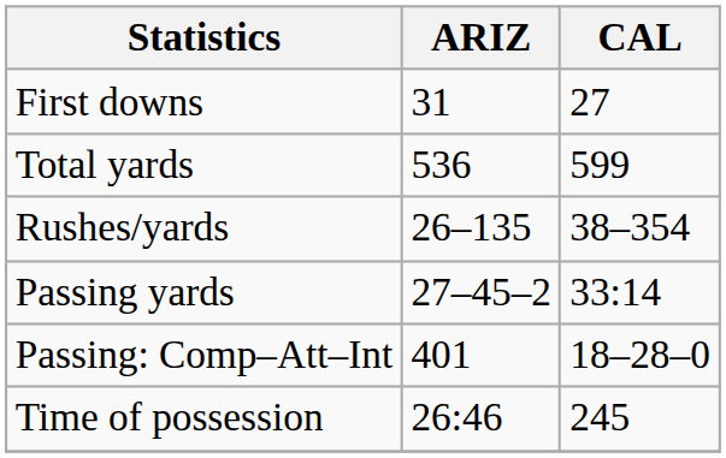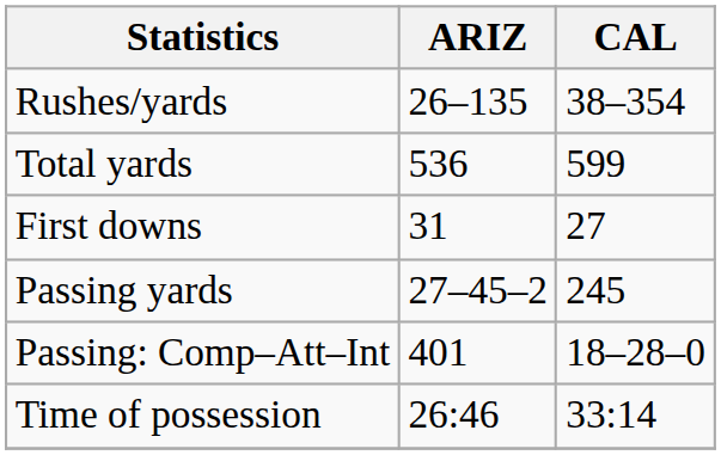 <table class="wikitable" style="float: left;">
 <tr>
 <th>Statistics</th>
 <th>ARIZ</th>
 <th>CAL</th>
 </tr>
 <tr>
-<td>First downs</td>
-<td>31</td>
-<td>27</td>
+<td>Rushes/yards</td>
+<td>26–135</td>
+<td>38–354</td>
 </tr>
 <tr>
 <td>Total yards</td>
 <td>536</td>
 <td>599</td>
 </tr>
 <tr>
-<td>Rushes/yards</td>
-<td>26–135</td>
-<td>38–354</td>
+<td>First downs</td>
+<td>31</td>
+<td>27</td>
 </tr>
 <tr>
 <td>Passing yards</td>
 <td>27–45–2</td>
-<td>33:14</td>
+<td>245</td>
 </tr>
 <tr>
 <td>Passing: Comp–Att–Int</td>
 <td>401</td>
 <td>18–28–0</td>
 </tr>
 <tr>
 <td>Time of possession</td>
 <td>26:46</td>
-<td>245</td>
+<td>33:14</td>
 </tr>
 <tr>
 </tr>
 </table>
